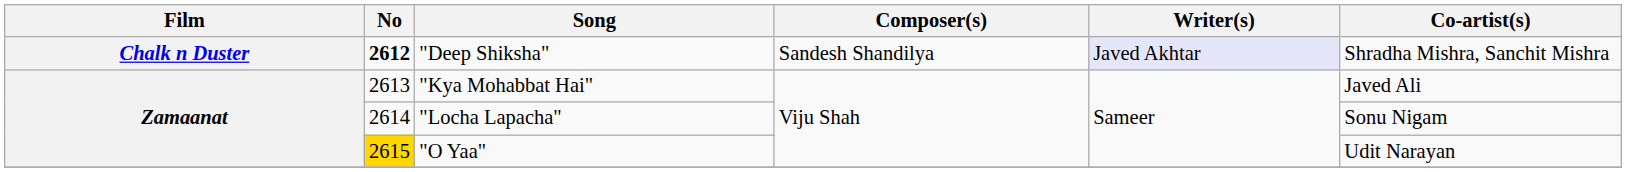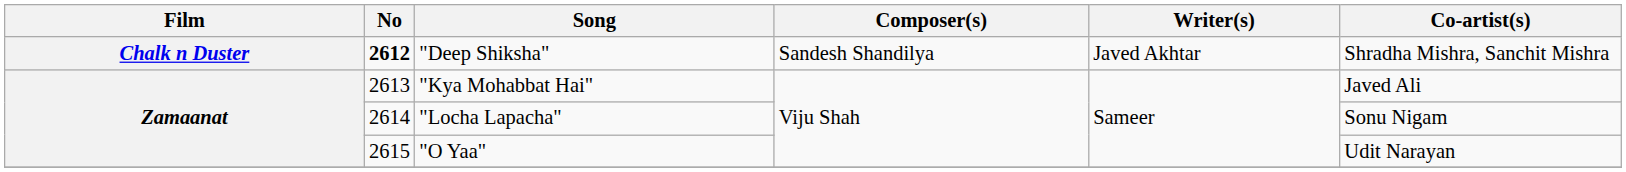 <table class="wikitable plainrowheaders" width="100%" textcolor:#000;">
 <tr style="background:#b0e0e66;">
 <th scope="col" width=23%><strong>Film</strong></th>
 <th><strong>No</strong></th>
 <th scope="col" width=23%><strong>Song</strong></th>
 <th scope="col" width=20%><strong>Composer(s)</strong></th>
 <th scope="col" width=16%><strong>Writer(s)</strong></th>
 <th scope="col" width=18%><strong>Co-artist(s)</strong></th>
 </tr>
 <tr>
 <th><em><a href='#'>Chalk n Duster</a></em></th>
 <td><strong>2612</strong></td>
 <td>"Deep Shiksha"</td>
 <td>Sandesh Shandilya</td>
-<td style="background: lavender;">Javed Akhtar</td>
+<td>Javed Akhtar</td>
 <td>Shradha Mishra, Sanchit Mishra</td>
 </tr>
 <tr>
 <th rowspan=3><em>Zamaanat</em></th>
 <td>2613</td>
 <td>"Kya Mohabbat Hai"</td>
 <td rowspan=3>Viju Shah</td>
 <td rowspan=3>Sameer</td>
 <td>Javed Ali</td>
 </tr>
 <tr>
 <td>2614</td>
 <td>"Locha Lapacha"</td>
 <td>Sonu Nigam</td>
 </tr>
 <tr>
-<td style="background: gold;">2615</td>
+<td>2615</td>
 <td>"O Yaa"</td>
 <td>Udit Narayan</td>
 </tr>
 <tr>
 </tr>
 </table>
